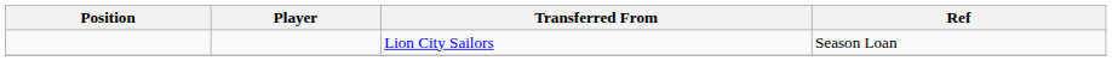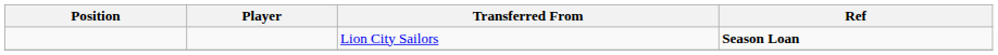 <table class="wikitable sortable" style="width:70%; text-align:center; font-size:100%; text-align:left;">
 <tr>
 <th>Position</th>
 <th>Player</th>
 <th>Transferred From</th>
 <th>Ref</th>
 </tr>
 <tr>
 <td></td>
 <td></td>
 <td> <a href='#'>Lion City Sailors</a></td>
-<td>Season Loan  </td>
+<td><strong>Season Loan  </strong></td>
 </tr>
 <tr>
 </tr>
 </table>
